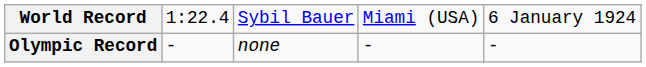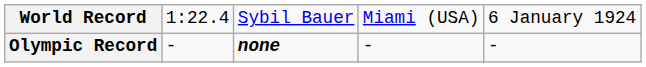 <table class="wikitable" style="font-size:95%;">
 <tr>
 <th>World Record</th>
 <td>1:22.4</td>
 <td> <a href='#'>Sybil Bauer</a></td>
 <td><a href='#'>Miami</a> (USA)</td>
 <td>6 January 1924</td>
 </tr>
 <tr>
 <th>Olympic Record</th>
 <td>-</td>
-<td><em>none</em></td>
+<td><strong><em>none</em></strong></td>
 <td>-</td>
 <td>-</td>
 </tr>
 </table>
